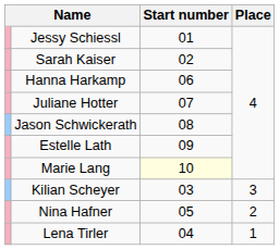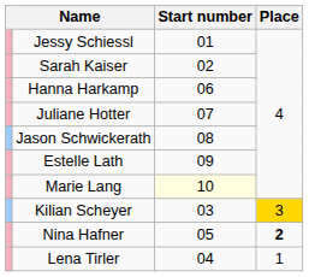 <table class="wikitable sortable" style="text-align:center">
 <tr>
 <th colspan=2>Name</th>
 <th>Start number</th>
 <th>Place</th>
 </tr>
 <tr>
 <td style="background:#faafbe"></td>
 <td>Jessy Schiessl</td>
 <td>01</td>
 <td rowspan=7>4</td>
 </tr>
 <tr>
 <td style="background:#faafbe"></td>
 <td>Sarah Kaiser</td>
 <td>02</td>
 </tr>
 <tr>
 <td style="background:#faafbe"></td>
 <td>Hanna Harkamp</td>
 <td>06</td>
 </tr>
 <tr>
 <td style="background:#faafbe"></td>
 <td>Juliane Hotter</td>
 <td>07</td>
 </tr>
 <tr>
 <td style="background:#9cf;"></td>
 <td>Jason Schwickerath</td>
 <td>08</td>
 </tr>
 <tr>
 <td style="background:#faafbe"></td>
 <td>Estelle Lath</td>
 <td>09</td>
 </tr>
 <tr>
 <td style="background:#faafbe"></td>
 <td>Marie Lang</td>
 <td style="background: lightyellow;">10</td>
 </tr>
 <tr>
 <td style="background:#9cf;"></td>
 <td>Kilian Scheyer</td>
 <td>03</td>
-<td>3</td>
+<td style="background: gold;">3</td>
 </tr>
 <tr>
 <td style="background:#faafbe"></td>
 <td>Nina Hafner</td>
 <td>05</td>
-<td>2</td>
+<td><strong>2</strong></td>
 </tr>
 <tr>
 <td style="background:#faafbe"></td>
 <td>Lena Tirler</td>
 <td>04</td>
 <td>1</td>
 </tr>
 </table>
